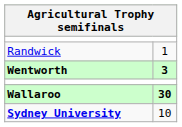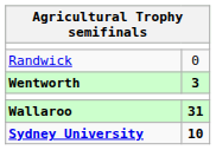 <table align="right" class="wikitable" style="font-size:90%; text-align:center; margin-left:1em; margin-right:4em">
 <tr bgcolor=#ccffcc>
 <th colspan=2>Agricultural Trophy semifinals</th>
 </tr>
 <tr bgcolor=#fff>
 <td colspan=2></td>
 </tr>
 <tr>
 <td width=150; align=left> <a href='#'>Randwick</a></td>
-<td width=20>1</td>
+<td width=20>0</td>
 </tr>
 <tr bgcolor=#ccffcc>
 <td align=left><strong>Wentworth</strong></td>
 <td><strong>3</strong></td>
 </tr>
 <tr bgcolor=#fff>
 <td colspan=2></td>
 </tr>
 <tr bgcolor=#ccffcc>
 <td align=left> <strong>Wallaroo</strong></td>
-<td><strong>30</strong></td>
+<td><strong>31</strong></td>
 </tr>
 <tr>
 <td align=left><strong> <a href='#'>Sydney University</a></strong></td>
-<td>10</td>
+<td><strong>10</strong></td>
 </tr>
 </table>
